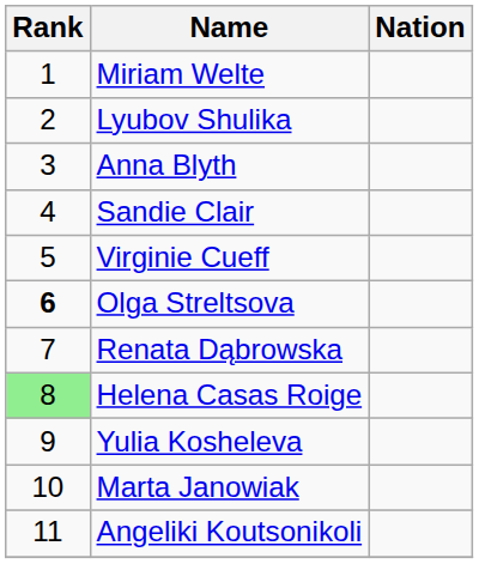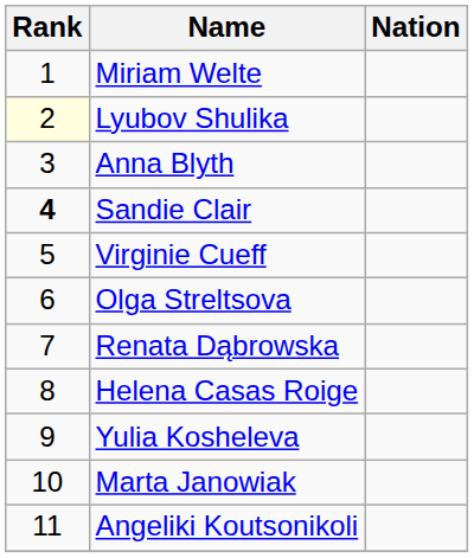 <table class="wikitable sortable" style="text-align:center">
 <tr>
 <th>Rank</th>
 <th>Name</th>
 <th>Nation</th>
 </tr>
 <tr>
 <td>1</td>
 <td align=left><a href='#'>Miriam Welte</a></td>
 <td align=left></td>
 </tr>
 <tr>
-<td>2</td>
+<td style="background: lightyellow;">2</td>
 <td align=left><a href='#'>Lyubov Shulika</a></td>
 <td align=left></td>
 </tr>
 <tr>
 <td>3</td>
 <td align=left><a href='#'>Anna Blyth</a></td>
 <td align=left></td>
 </tr>
 <tr>
-<td>4</td>
+<td><strong>4</strong></td>
 <td align=left><a href='#'>Sandie Clair</a></td>
 <td align=left></td>
 </tr>
 <tr>
 <td>5</td>
 <td align=left><a href='#'>Virginie Cueff</a></td>
 <td align=left></td>
 </tr>
 <tr>
-<td><strong>6</strong></td>
+<td>6</td>
 <td align=left><a href='#'>Olga Streltsova</a></td>
 <td align=left></td>
 </tr>
 <tr>
 <td>7</td>
 <td align=left><a href='#'>Renata Dąbrowska</a></td>
 <td align=left></td>
 </tr>
 <tr>
-<td style="background: lightgreen;">8</td>
+<td>8</td>
 <td align=left><a href='#'>Helena Casas Roige</a></td>
 <td align=left></td>
 </tr>
 <tr>
 <td>9</td>
 <td align=left><a href='#'>Yulia Kosheleva</a></td>
 <td align=left></td>
 </tr>
 <tr>
 <td>10</td>
 <td align=left><a href='#'>Marta Janowiak</a></td>
 <td align=left></td>
 </tr>
 <tr>
 <td>11</td>
 <td align=left><a href='#'>Angeliki Koutsonikoli</a></td>
 <td align=left></td>
 </tr>
 <tr>
 </tr>
 </table>
